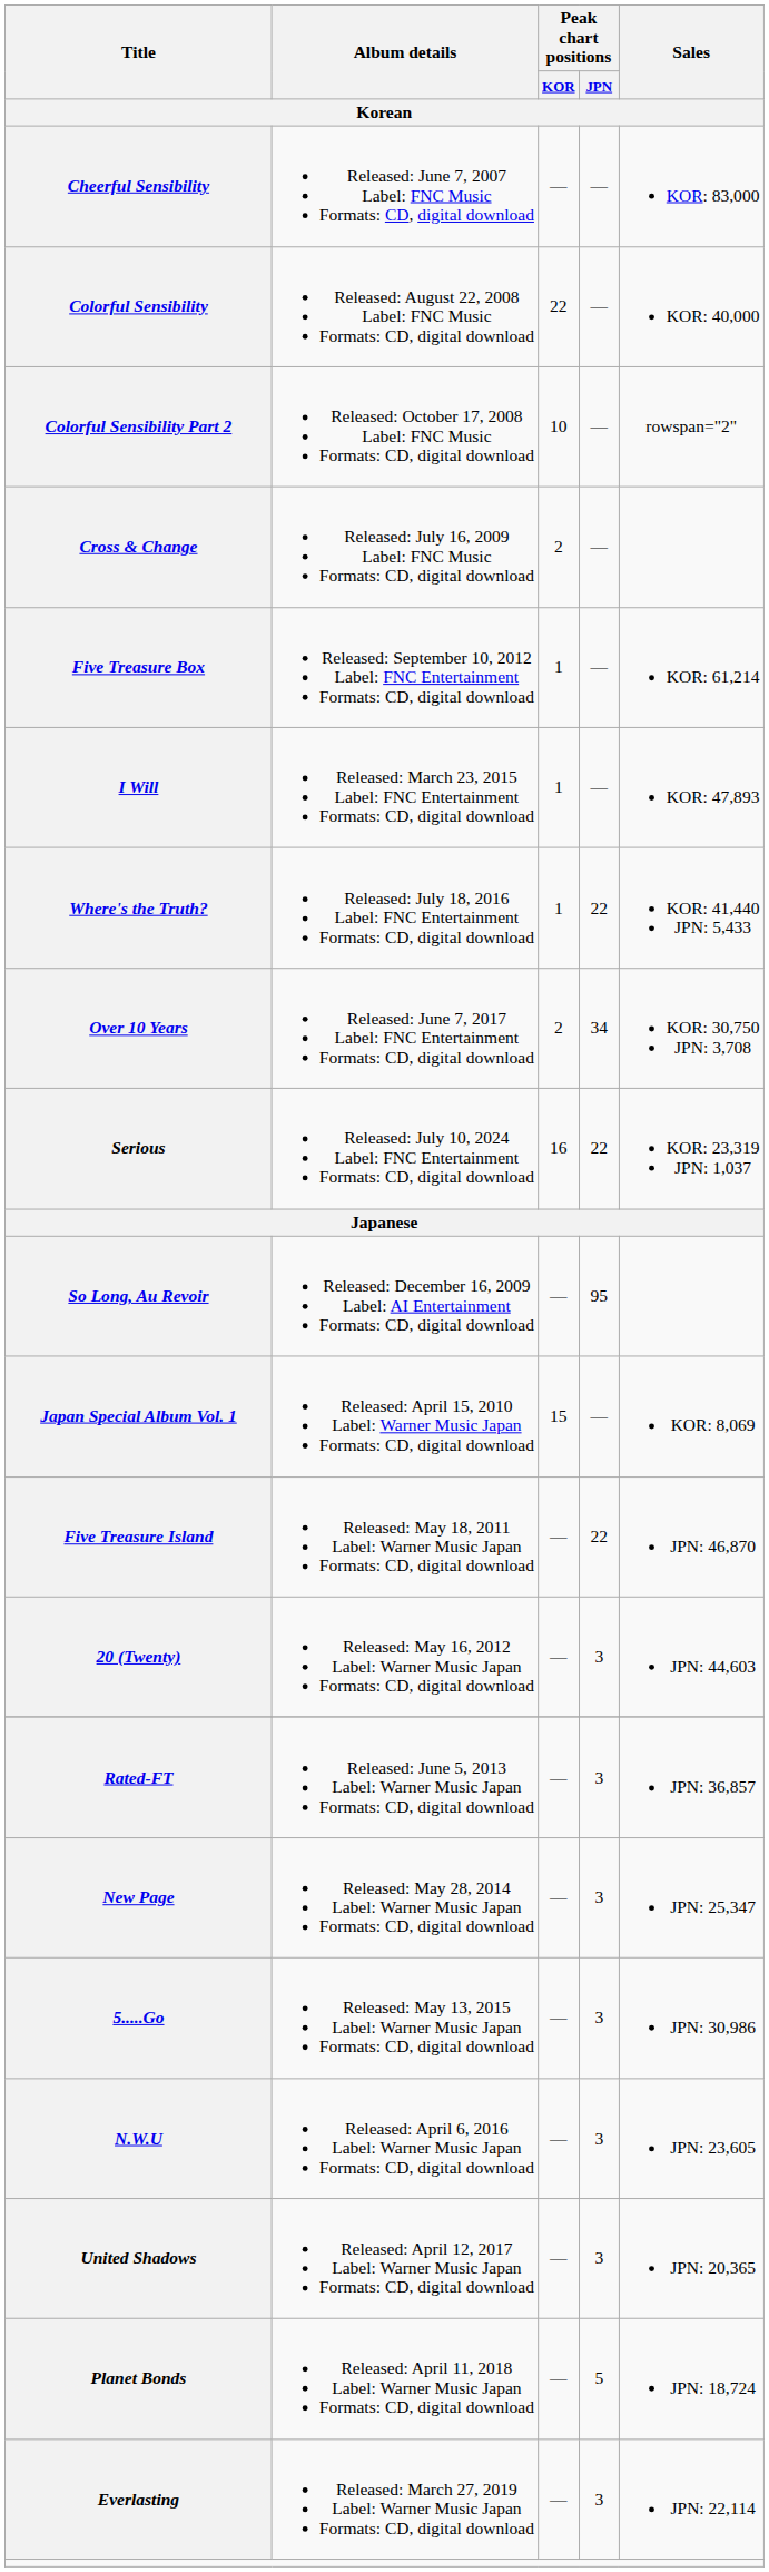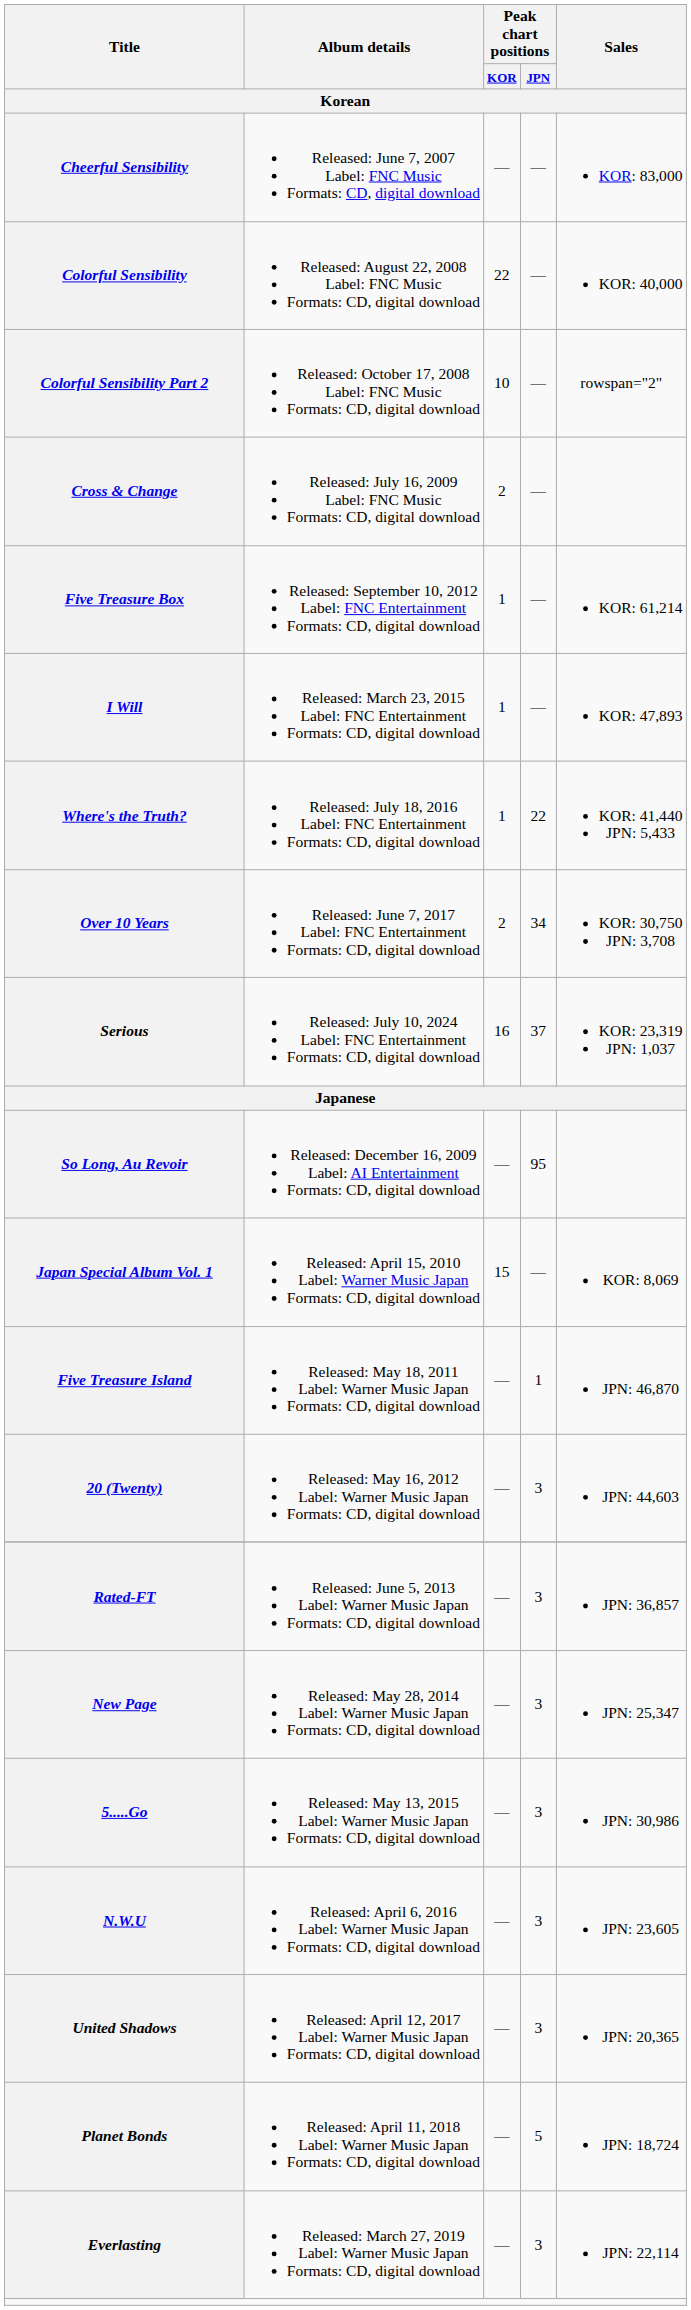 <table class="wikitable plainrowheaders" style="text-align:center;">
 <tr>
 <th rowspan="2" style="width:15em;">Title</th>
 <th rowspan="2">Album details</th>
 <th colspan="2">Peak chart positions</th>
 <th rowspan=2>Sales</th>
 </tr>
 <tr>
 <th width="30"><small><a href='#'>KOR</a></small><br></th>
 <th width="30"><small><a href='#'>JPN</a></small><br></th>
 </tr>
 <tr>
 <th colspan="5">Korean</th>
 </tr>
 <tr>
 <th scope="row"><em><a href='#'>Cheerful Sensibility</a></em></th>
 <td><br><ul><li>Released: June 7, 2007</li><li>Label: <a href='#'>FNC Music</a></li><li>Formats: <a href='#'>CD</a>, <a href='#'>digital download</a></li></ul></td>
 <td>—</td>
 <td>—</td>
 <td><br><ul><li><a href='#'>KOR</a>: 83,000</li></ul></td>
 </tr>
 <tr>
 <th scope="row"><em><a href='#'>Colorful Sensibility</a></em></th>
 <td><br><ul><li>Released: August 22, 2008</li><li>Label: FNC Music</li><li>Formats: CD, digital download</li></ul></td>
 <td>22</td>
 <td>—</td>
 <td><br><ul><li>KOR: 40,000</li></ul></td>
 </tr>
 <tr>
 <th scope="row"><em><a href='#'>Colorful Sensibility Part 2</a></em></th>
 <td><br><ul><li>Released: October 17, 2008</li><li>Label: FNC Music</li><li>Formats: CD, digital download</li></ul></td>
 <td>10</td>
 <td>—</td>
 <td>rowspan="2" </td>
 </tr>
 <tr>
 <th scope="row"><em><a href='#'>Cross & Change</a></em></th>
 <td><br><ul><li>Released: July 16, 2009</li><li>Label: FNC Music</li><li>Formats: CD, digital download</li></ul></td>
 <td>2</td>
 <td>—</td>
 </tr>
 <tr>
 <th scope="row"><em><a href='#'>Five Treasure Box</a></em></th>
 <td><br><ul><li>Released: September 10, 2012</li><li>Label: <a href='#'>FNC Entertainment</a></li><li>Formats: CD, digital download</li></ul></td>
 <td>1</td>
 <td>—</td>
 <td><br><ul><li>KOR: 61,214</li></ul></td>
 </tr>
 <tr>
 <th scope="row"><em><a href='#'>I Will</a></em></th>
 <td><br><ul><li>Released: March 23, 2015</li><li>Label: FNC Entertainment</li><li>Formats: CD, digital download</li></ul></td>
 <td>1</td>
 <td>—</td>
 <td><br><ul><li>KOR: 47,893</li></ul></td>
 </tr>
 <tr>
 <th scope="row"><em><a href='#'>Where's the Truth?</a></em></th>
 <td><br><ul><li>Released: July 18, 2016</li><li>Label: FNC Entertainment</li><li>Formats: CD, digital download</li></ul></td>
 <td>1</td>
 <td>22</td>
 <td><br><ul><li>KOR: 41,440</li><li>JPN: 5,433</li></ul></td>
 </tr>
 <tr>
 <th scope="row"><em><a href='#'>Over 10 Years</a></em></th>
 <td><br><ul><li>Released: June 7, 2017</li><li>Label: FNC Entertainment</li><li>Formats: CD, digital download</li></ul></td>
 <td>2</td>
 <td>34</td>
 <td><br><ul><li>KOR: 30,750</li><li>JPN: 3,708</li></ul></td>
 </tr>
 <tr>
 <th scope="row"><em>Serious</em></th>
 <td><br><ul><li>Released: July 10, 2024</li><li>Label: FNC Entertainment</li><li>Formats: CD, digital download</li></ul></td>
 <td>16</td>
-<td>22</td>
+<td>37</td>
 <td><br><ul><li>KOR: 23,319</li><li>JPN: 1,037</li></ul></td>
 </tr>
 <tr>
 <th colspan="5">Japanese</th>
 </tr>
 <tr>
 <th scope="row"><em><a href='#'>So Long, Au Revoir</a></em></th>
 <td><br><ul><li>Released: December 16, 2009</li><li>Label: <a href='#'>AI Entertainment</a></li><li>Formats: CD, digital download</li></ul></td>
 <td>—</td>
 <td>95</td>
 <td></td>
 </tr>
 <tr>
 <th scope="row"><em><a href='#'>Japan Special Album Vol. 1</a></em></th>
 <td><br><ul><li>Released: April 15, 2010</li><li>Label: <a href='#'>Warner Music Japan</a></li><li>Formats: CD, digital download</li></ul></td>
 <td>15</td>
 <td>—</td>
 <td><br><ul><li>KOR: 8,069</li></ul></td>
 </tr>
 <tr>
 <th scope="row"><em><a href='#'>Five Treasure Island</a></em></th>
 <td><br><ul><li>Released: May 18, 2011</li><li>Label: Warner Music Japan</li><li>Formats: CD, digital download</li></ul></td>
 <td>—</td>
-<td>22</td>
+<td>1</td>
 <td><br><ul><li>JPN: 46,870</li></ul></td>
 </tr>
 <tr>
 <th scope="row"><em><a href='#'>20 (Twenty)</a></em></th>
 <td><br><ul><li>Released: May 16, 2012</li><li>Label: Warner Music Japan</li><li>Formats: CD, digital download</li></ul></td>
 <td>—</td>
 <td>3</td>
 <td><br><ul><li>JPN: 44,603</li></ul></td>
 </tr>
 <tr>
 </tr>
 <tr>
 <th scope="row"><em><a href='#'>Rated-FT</a></em></th>
 <td><br><ul><li>Released: June 5, 2013</li><li>Label: Warner Music Japan</li><li>Formats: CD, digital download</li></ul></td>
 <td>—</td>
 <td>3</td>
 <td><br><ul><li>JPN: 36,857</li></ul></td>
 </tr>
 <tr>
 <th scope="row"><em><a href='#'>New Page</a></em></th>
 <td><br><ul><li>Released: May 28, 2014</li><li>Label: Warner Music Japan</li><li>Formats: CD, digital download</li></ul></td>
 <td>—</td>
 <td>3</td>
 <td><br><ul><li>JPN: 25,347</li></ul></td>
 </tr>
 <tr>
 <th scope="row"><em><a href='#'>5.....Go</a></em></th>
 <td><br><ul><li>Released: May 13, 2015</li><li>Label: Warner Music Japan</li><li>Formats: CD, digital download</li></ul></td>
 <td>—</td>
 <td>3</td>
 <td><br><ul><li>JPN: 30,986</li></ul></td>
 </tr>
 <tr>
 <th scope="row"><em><a href='#'>N.W.U</a></em></th>
 <td><br><ul><li>Released: April 6, 2016</li><li>Label: Warner Music Japan</li><li>Formats: CD, digital download</li></ul></td>
 <td>—</td>
 <td>3</td>
 <td><br><ul><li>JPN: 23,605</li></ul></td>
 </tr>
 <tr>
 <th scope="row"><em>United Shadows</em></th>
 <td><br><ul><li>Released: April 12, 2017</li><li>Label: Warner Music Japan</li><li>Formats: CD, digital download</li></ul></td>
 <td>—</td>
 <td>3</td>
 <td><br><ul><li>JPN: 20,365</li></ul></td>
 </tr>
 <tr>
 <th scope="row"><em>Planet Bonds</em></th>
 <td><br><ul><li>Released: April 11, 2018</li><li>Label: Warner Music Japan</li><li>Formats: CD, digital download</li></ul></td>
 <td>—</td>
 <td>5</td>
 <td><br><ul><li>JPN: 18,724</li></ul></td>
 </tr>
 <tr>
 <th scope="row"><em>Everlasting</em></th>
 <td><br><ul><li>Released: March 27, 2019</li><li>Label: Warner Music Japan</li><li>Formats: CD, digital download</li></ul></td>
 <td>—</td>
 <td>3</td>
 <td><br><ul><li>JPN: 22,114</li></ul></td>
 </tr>
 <tr>
 <td colspan="5"></td>
 </tr>
 </table>
